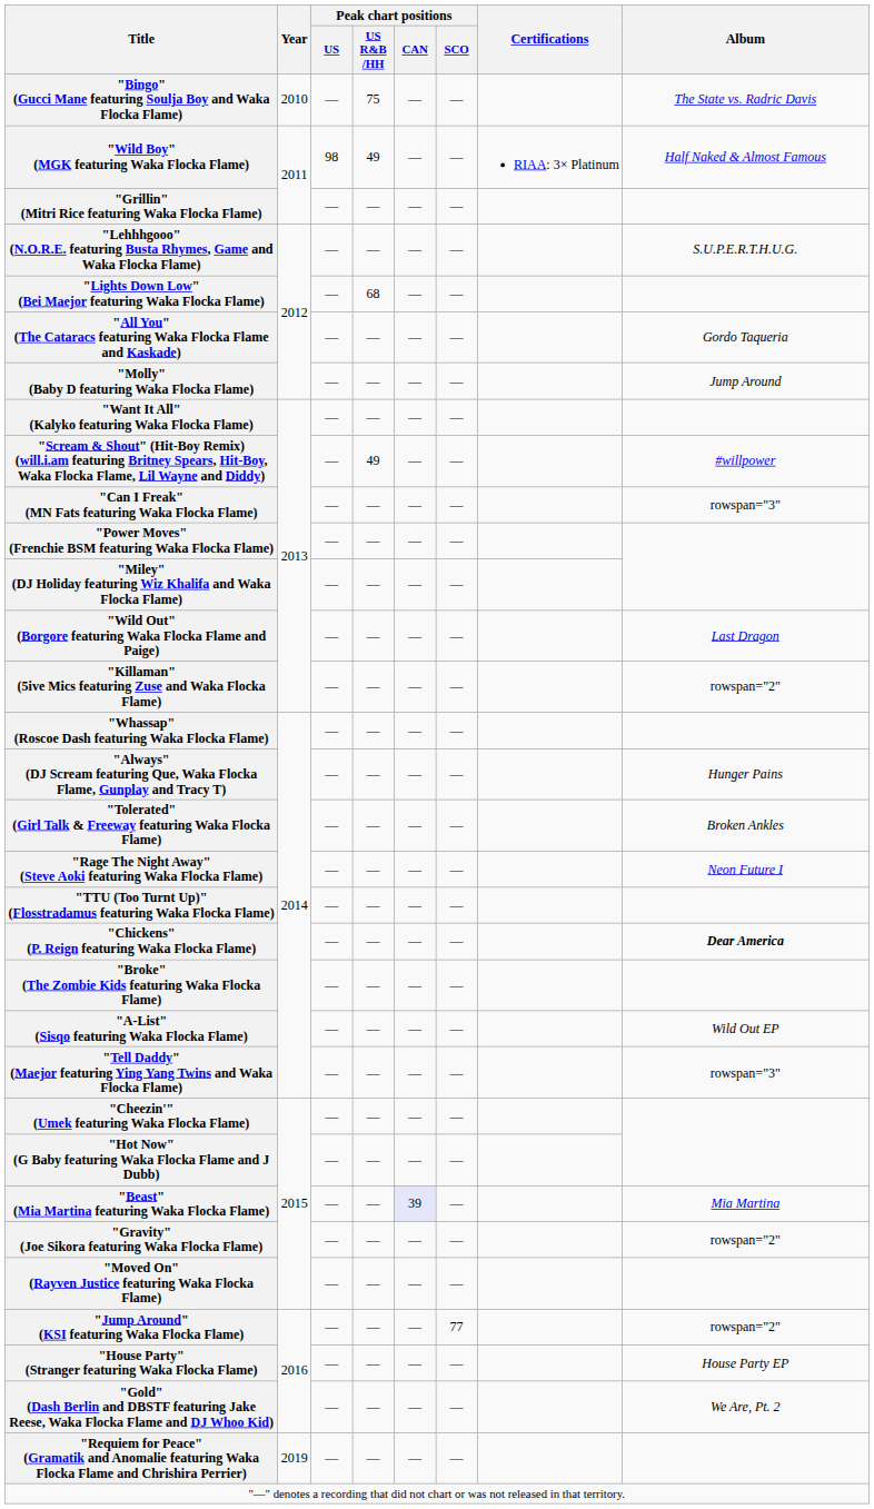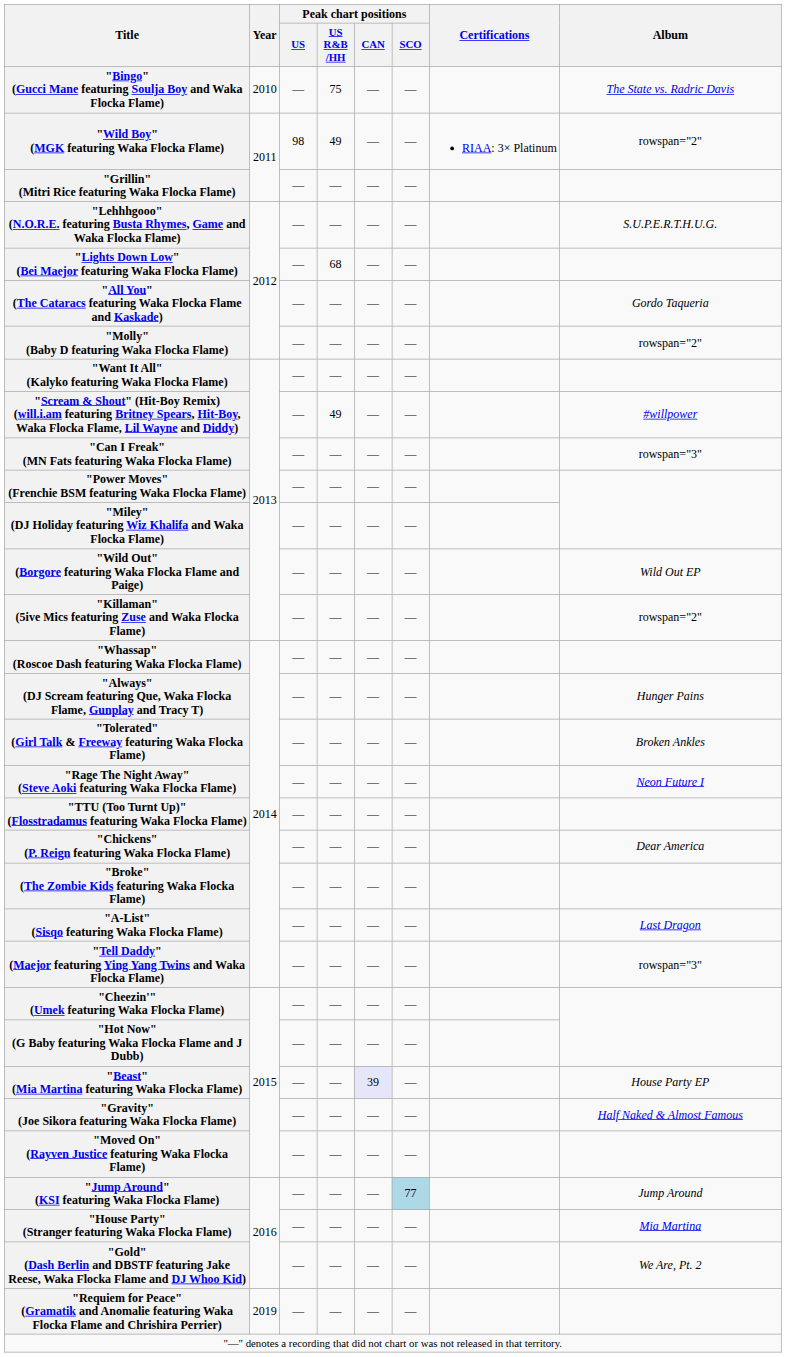 <table class="wikitable plainrowheaders" style="text-align:center;">
 <tr>
 <th scope="col" rowspan="2" style="width:20em;">Title</th>
 <th scope="col" rowspan="2" style="width:1em;">Year</th>
 <th colspan="4" scope="col">Peak chart positions</th>
 <th rowspan="2"><a href='#'>Certifications</a></th>
 <th scope="col" rowspan="2" style="width:18em;">Album</th>
 </tr>
 <tr>
 <th style="width:3em; font-size:90%"><a href='#'>US</a><br></th>
 <th style="width:3em; font-size:90%"><a href='#'>US<br>R&B<br>/HH</a><br></th>
 <th style="width:3em; font-size:90%"><a href='#'>CAN</a><br></th>
 <th style="width:3em; font-size:90%"><a href='#'>SCO</a><br></th>
 </tr>
 <tr>
 <th scope="row">"<a href='#'>Bingo</a>"<br><span>(<a href='#'>Gucci Mane</a> featuring <a href='#'>Soulja Boy</a> and Waka Flocka Flame)</span></th>
 <td>2010</td>
 <td>—</td>
 <td>75</td>
 <td>—</td>
 <td>—</td>
 <td></td>
 <td><em><a href='#'>The State vs. Radric Davis</a></em></td>
 </tr>
 <tr>
 <th scope="row">"<a href='#'>Wild Boy</a>"<br><span>(<a href='#'>MGK</a> featuring Waka Flocka Flame)</span></th>
 <td rowspan="2">2011</td>
 <td>98</td>
 <td>49</td>
 <td>—</td>
 <td>—</td>
 <td><br><ul><li><a href='#'>RIAA</a>: 3× Platinum</li></ul></td>
-<td><em><a href='#'>Half Naked & Almost Famous</a></em></td>
+<td>rowspan="2" </td>
 </tr>
 <tr>
 <th scope="row">"Grillin"<br><span>(Mitri Rice featuring Waka Flocka Flame)</span></th>
 <td>—</td>
 <td>—</td>
 <td>—</td>
 <td>—</td>
 <td></td>
 <td></td>
 </tr>
 <tr>
 <th scope="row">"Lehhhgooo"<br><span>(<a href='#'>N.O.R.E.</a> featuring <a href='#'>Busta Rhymes</a>, <a href='#'>Game</a> and Waka Flocka Flame)</span></th>
 <td rowspan="4">2012</td>
 <td>—</td>
 <td>—</td>
 <td>—</td>
 <td>—</td>
 <td></td>
 <td><em>S.U.P.E.R.T.H.U.G.</em></td>
 </tr>
 <tr>
 <th scope="row">"<a href='#'>Lights Down Low</a>"<br><span>(<a href='#'>Bei Maejor</a> featuring Waka Flocka Flame)</span></th>
 <td>—</td>
 <td>68</td>
 <td>—</td>
 <td>—</td>
 <td></td>
 <td></td>
 </tr>
 <tr>
 <th scope="row">"<a href='#'>All You</a>"<br><span>(<a href='#'>The Cataracs</a> featuring Waka Flocka Flame and <a href='#'>Kaskade</a>)</span></th>
 <td>—</td>
 <td>—</td>
 <td>—</td>
 <td>—</td>
 <td></td>
 <td><em>Gordo Taqueria</em></td>
 </tr>
 <tr>
 <th scope="row">"Molly"<br><span>(Baby D featuring Waka Flocka Flame)</span></th>
 <td>—</td>
 <td>—</td>
 <td>—</td>
 <td>—</td>
 <td></td>
-<td><em>Jump Around</em></td>
+<td>rowspan="2" </td>
 </tr>
 <tr>
 <th scope="row">"Want It All"<br><span>(Kalyko featuring Waka Flocka Flame)</span></th>
 <td rowspan="7">2013</td>
 <td>—</td>
 <td>—</td>
 <td>—</td>
 <td>—</td>
 <td></td>
 </tr>
 <tr>
 <th scope="row">"<a href='#'>Scream & Shout</a>" (Hit-Boy Remix)<br><span>(<a href='#'>will.i.am</a> featuring <a href='#'>Britney Spears</a>, <a href='#'>Hit-Boy</a>, Waka Flocka Flame, <a href='#'>Lil Wayne</a> and <a href='#'>Diddy</a>)</span></th>
 <td>—</td>
 <td>49</td>
 <td>—</td>
 <td>—</td>
 <td></td>
 <td><em><a href='#'>#willpower</a></em></td>
 </tr>
 <tr>
 <th scope="row">"Can I Freak" <br><span>(MN Fats featuring Waka Flocka Flame)</span></th>
 <td>—</td>
 <td>—</td>
 <td>—</td>
 <td>—</td>
 <td></td>
 <td>rowspan="3" </td>
 </tr>
 <tr>
 <th scope="row">"Power Moves" <br><span>(Frenchie BSM featuring Waka Flocka Flame)</span></th>
 <td>—</td>
 <td>—</td>
 <td>—</td>
 <td>—</td>
 <td></td>
 </tr>
 <tr>
 <th scope="row">"Miley" <br><span>(DJ Holiday featuring <a href='#'>Wiz Khalifa</a> and Waka Flocka Flame)</span></th>
 <td>—</td>
 <td>—</td>
 <td>—</td>
 <td>—</td>
 <td></td>
 </tr>
 <tr>
 <th scope="row">"Wild Out" <br><span>(<a href='#'>Borgore</a> featuring Waka Flocka Flame and Paige)</span></th>
 <td>—</td>
 <td>—</td>
 <td>—</td>
 <td>—</td>
 <td></td>
-<td><em><a href='#'>Last Dragon</a></em></td>
+<td><em>Wild Out EP</em></td>
 </tr>
 <tr>
 <th scope="row">"Killaman" <br><span>(5ive Mics featuring <a href='#'>Zuse</a> and Waka Flocka Flame)</span></th>
 <td>—</td>
 <td>—</td>
 <td>—</td>
 <td>—</td>
 <td></td>
 <td>rowspan="2" </td>
 </tr>
 <tr>
 <th scope="row">"Whassap"<br><span>(Roscoe Dash featuring Waka Flocka Flame)</span></th>
 <td rowspan="9">2014</td>
 <td>—</td>
 <td>—</td>
 <td>—</td>
 <td>—</td>
 <td></td>
 </tr>
 <tr>
 <th scope="row">"Always"<br><span>(DJ Scream featuring Que, Waka Flocka Flame, <a href='#'>Gunplay</a> and Tracy T)</span></th>
 <td>—</td>
 <td>—</td>
 <td>—</td>
 <td>—</td>
 <td></td>
 <td><em>Hunger Pains</em></td>
 </tr>
 <tr>
 <th scope="row">"Tolerated"<br><span>(<a href='#'>Girl Talk</a> & <a href='#'>Freeway</a> featuring Waka Flocka Flame)</span></th>
 <td>—</td>
 <td>—</td>
 <td>—</td>
 <td>—</td>
 <td></td>
 <td><em>Broken Ankles</em></td>
 </tr>
 <tr>
 <th scope="row">"Rage The Night Away"<br><span>(<a href='#'>Steve Aoki</a> featuring Waka Flocka Flame)</span></th>
 <td>—</td>
 <td>—</td>
 <td>—</td>
 <td>—</td>
 <td></td>
 <td><em><a href='#'>Neon Future I</a></em></td>
 </tr>
 <tr>
 <th scope="row">"TTU (Too Turnt Up)" <br><span>(<a href='#'>Flosstradamus</a> featuring Waka Flocka Flame)</span></th>
 <td>—</td>
 <td>—</td>
 <td>—</td>
 <td>—</td>
 <td></td>
 <td></td>
 </tr>
 <tr>
 <th scope="row">"Chickens" <br><span>(<a href='#'>P. Reign</a> featuring Waka Flocka Flame)</span></th>
 <td>—</td>
 <td>—</td>
 <td>—</td>
 <td>—</td>
 <td></td>
-<td><strong><em>Dear America</em></strong></td>
+<td><em>Dear America</em></td>
 </tr>
 <tr>
 <th scope="row">"Broke" <br><span>(<a href='#'>The Zombie Kids</a> featuring Waka Flocka Flame)</span></th>
 <td>—</td>
 <td>—</td>
 <td>—</td>
 <td>—</td>
 <td></td>
 <td></td>
 </tr>
 <tr>
 <th scope="row">"A-List" <br><span>(<a href='#'>Sisqo</a> featuring Waka Flocka Flame)</span></th>
 <td>—</td>
 <td>—</td>
 <td>—</td>
 <td>—</td>
 <td></td>
-<td><em>Wild Out EP</em></td>
+<td><em><a href='#'>Last Dragon</a></em></td>
 </tr>
 <tr>
 <th scope="row">"<a href='#'>Tell Daddy</a>" <br><span>(<a href='#'>Maejor</a> featuring <a href='#'>Ying Yang Twins</a> and Waka Flocka Flame)</span></th>
 <td>—</td>
 <td>—</td>
 <td>—</td>
 <td>—</td>
 <td></td>
 <td>rowspan="3" </td>
 </tr>
 <tr>
 <th scope="row">"Cheezin'"<br><span>(<a href='#'>Umek</a> featuring Waka Flocka Flame)</span></th>
 <td rowspan="5">2015</td>
 <td>—</td>
 <td>—</td>
 <td>—</td>
 <td>—</td>
 <td></td>
 </tr>
 <tr>
 <th scope="row">"Hot Now"<br><span>(G Baby featuring Waka Flocka Flame and J Dubb)</span></th>
 <td>—</td>
 <td>—</td>
 <td>—</td>
 <td>—</td>
 <td></td>
 </tr>
 <tr>
 <th scope="row">"<a href='#'>Beast</a>"<br><span>(<a href='#'>Mia Martina</a> featuring Waka Flocka Flame)</span></th>
 <td>—</td>
 <td>—</td>
 <td style="background: lavender;">39</td>
 <td>—</td>
 <td></td>
-<td><em><a href='#'>Mia Martina</a></em></td>
+<td><em>House Party EP</em></td>
 </tr>
 <tr>
 <th scope="row">"Gravity"<br><span>(Joe Sikora featuring Waka Flocka Flame)</span></th>
 <td>—</td>
 <td>—</td>
 <td>—</td>
 <td>—</td>
 <td></td>
-<td>rowspan="2" </td>
+<td><em><a href='#'>Half Naked & Almost Famous</a></em></td>
 </tr>
 <tr>
 <th scope="row">"Moved On"<br><span>(<a href='#'>Rayven Justice</a> featuring Waka Flocka Flame)</span></th>
 <td>—</td>
 <td>—</td>
 <td>—</td>
 <td>—</td>
 <td></td>
 </tr>
 <tr>
 <th scope="row">"<a href='#'>Jump Around</a>"<br><span>(<a href='#'>KSI</a> featuring Waka Flocka Flame)</span></th>
 <td rowspan="3">2016</td>
 <td>—</td>
 <td>—</td>
 <td>—</td>
-<td>77</td>
+<td style="background: lightblue;">77</td>
 <td></td>
-<td>rowspan="2" </td>
+<td><em>Jump Around</em></td>
 </tr>
 <tr>
 <th scope="row">"House Party"<br><span>(Stranger featuring Waka Flocka Flame)</span></th>
 <td>—</td>
 <td>—</td>
 <td>—</td>
 <td>—</td>
 <td></td>
-<td><em>House Party EP</em></td>
+<td><em><a href='#'>Mia Martina</a></em></td>
 </tr>
 <tr>
 <th scope="row">"Gold"<br><span>(<a href='#'>Dash Berlin</a> and DBSTF featuring Jake Reese, Waka Flocka Flame and <a href='#'>DJ Whoo Kid</a>)</span></th>
 <td>—</td>
 <td>—</td>
 <td>—</td>
 <td>—</td>
 <td></td>
 <td><em>We Are, Pt. 2</em></td>
 </tr>
 <tr>
 <th scope="row">"Requiem for Peace" <br><span>(<a href='#'>Gramatik</a> and Anomalie featuring Waka Flocka Flame and Chrishira Perrier)</span></th>
 <td>2019</td>
 <td>—</td>
 <td>—</td>
 <td>—</td>
 <td>—</td>
 <td></td>
 <td></td>
 </tr>
 <tr>
 <td colspan="8" style="font-size:90%">"—" denotes a recording that did not chart or was not released in that territory.</td>
 </tr>
 </table>
